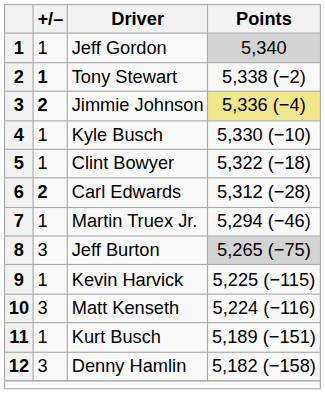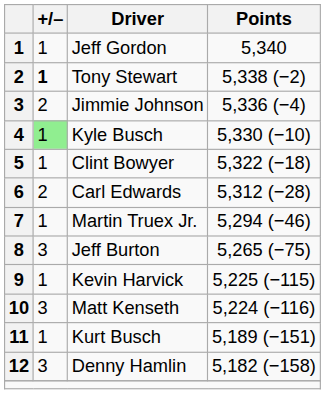 <table class="wikitable">
 <tr>
 <th scope="col"></th>
 <th scope="col">+/–</th>
 <th scope="col">Driver</th>
 <th scope="col">Points</th>
 </tr>
 <tr>
 <th scope="row"><strong>1</strong></th>
 <td align="left"> 1</td>
 <td>Jeff Gordon</td>
-<td style="background: lightgrey; text-align:center;">5,340</td>
+<td style="text-align:center;">5,340</td>
 </tr>
 <tr>
 <th scope="row"><strong>2</strong></th>
 <td align="left"><strong> 1</strong></td>
 <td>Tony Stewart</td>
 <td style="text-align:center;">5,338 (−2)</td>
 </tr>
 <tr>
 <th scope="row"><strong>3</strong></th>
-<td align="left"><strong> 2</strong></td>
+<td align="left"> 2</td>
 <td>Jimmie Johnson</td>
-<td style="background: khaki; text-align:center;">5,336 (−4)</td>
+<td style="text-align:center;">5,336 (−4)</td>
 </tr>
 <tr>
 <th scope="row"><strong>4</strong></th>
-<td align="left"> 1</td>
+<td align="left" style="background: lightgreen;"> 1</td>
 <td>Kyle Busch</td>
 <td style="text-align:center;">5,330 (−10)</td>
 </tr>
 <tr>
 <th scope="row"><strong>5</strong></th>
 <td align="left"> 1</td>
 <td>Clint Bowyer</td>
 <td style="text-align:center;">5,322 (−18)</td>
 </tr>
 <tr>
 <th scope="row"><strong>6</strong></th>
-<td align="left"><strong> 2</strong></td>
+<td align="left"> 2</td>
 <td>Carl Edwards</td>
 <td style="text-align:center;">5,312 (−28)</td>
 </tr>
 <tr>
 <th scope="row"><strong>7</strong></th>
 <td align="left"> 1</td>
 <td>Martin Truex Jr.</td>
 <td style="text-align:center;">5,294 (−46)</td>
 </tr>
 <tr>
 <th scope="row"><strong>8</strong></th>
 <td align="left"> 3</td>
 <td>Jeff Burton</td>
-<td style="background: lightgrey; text-align:center;">5,265 (−75)</td>
+<td style="text-align:center;">5,265 (−75)</td>
 </tr>
 <tr>
 <th scope="row"><strong>9</strong></th>
 <td align="left"> 1</td>
 <td>Kevin Harvick</td>
 <td style="text-align:center;">5,225 (−115)</td>
 </tr>
 <tr>
 <th scope="row"><strong>10</strong></th>
 <td align="left"> 3</td>
 <td>Matt Kenseth</td>
 <td style="text-align:center;">5,224 (−116)</td>
 </tr>
 <tr>
 <th scope="row"><strong>11</strong></th>
 <td align="left"> 1</td>
 <td>Kurt Busch</td>
 <td style="text-align:center;">5,189 (−151)</td>
 </tr>
 <tr>
 <th scope="row"><strong>12</strong></th>
 <td align="left"> 3</td>
 <td>Denny Hamlin</td>
 <td style="text-align:center;">5,182 (−158)</td>
 </tr>
 <tr>
 </tr>
 <tr class="sortbottom">
 <td colspan="9"></td>
 </tr>
 </table>
